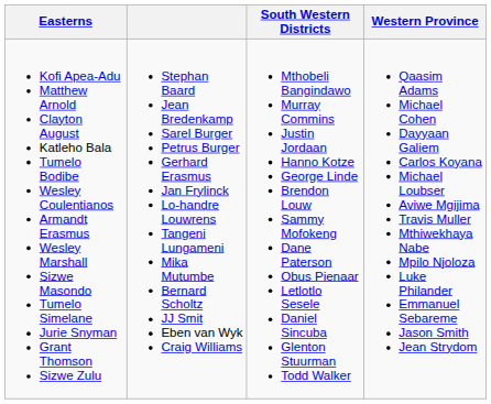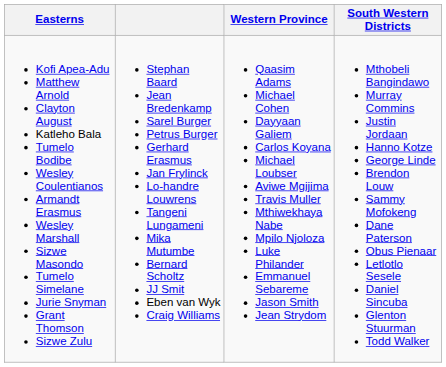 <table class="wikitable">
 <tr>
 <th width=330> <a href='#'>Easterns</a></th>
 <th width=330></th>
+<th width=330> <a href='#'>Western Province</a></th>
 <th width=330> <a href='#'>South Western Districts</a></th>
-<th width=330> <a href='#'>Western Province</a></th>
 </tr>
 <tr>
 <td valign=top><br><ul><li><a href='#'>Kofi Apea-Adu</a></li><li><a href='#'>Matthew Arnold</a></li><li><a href='#'>Clayton August</a></li><li>Katleho Bala</li><li><a href='#'>Tumelo Bodibe</a></li><li><a href='#'>Wesley Coulentianos</a></li><li><a href='#'>Armandt Erasmus</a></li><li><a href='#'>Wesley Marshall</a></li><li><a href='#'>Sizwe Masondo</a></li><li><a href='#'>Tumelo Simelane</a></li><li><a href='#'>Jurie Snyman</a></li><li><a href='#'>Grant Thomson</a></li><li><a href='#'>Sizwe Zulu</a></li></ul></td>
 <td valign=top><br><ul><li><a href='#'>Stephan Baard</a></li><li><a href='#'>Jean Bredenkamp</a></li><li><a href='#'>Sarel Burger</a></li><li><a href='#'>Petrus Burger</a></li><li><a href='#'>Gerhard Erasmus</a></li><li><a href='#'>Jan Frylinck</a></li><li><a href='#'>Lo-handre Louwrens</a></li><li><a href='#'>Tangeni Lungameni</a></li><li><a href='#'>Mika Mutumbe</a></li><li><a href='#'>Bernard Scholtz</a></li><li><a href='#'>JJ Smit</a></li><li>Eben van Wyk</li><li><a href='#'>Craig Williams</a></li></ul></td>
+<td valign=top><br><ul><li><a href='#'>Qaasim Adams</a></li><li><a href='#'>Michael Cohen</a></li><li><a href='#'>Dayyaan Galiem</a></li><li><a href='#'>Carlos Koyana</a></li><li><a href='#'>Michael Loubser</a></li><li><a href='#'>Aviwe Mgijima</a></li><li><a href='#'>Travis Muller</a></li><li><a href='#'>Mthiwekhaya Nabe</a></li><li><a href='#'>Mpilo Njoloza</a></li><li><a href='#'>Luke Philander</a></li><li><a href='#'>Emmanuel Sebareme</a></li><li><a href='#'>Jason Smith</a></li><li><a href='#'>Jean Strydom</a></li></ul></td>
 <td valign=top><br><ul><li><a href='#'>Mthobeli Bangindawo</a></li><li><a href='#'>Murray Commins</a></li><li><a href='#'>Justin Jordaan</a></li><li><a href='#'>Hanno Kotze</a></li><li><a href='#'>George Linde</a></li><li><a href='#'>Brendon Louw</a></li><li><a href='#'>Sammy Mofokeng</a></li><li><a href='#'>Dane Paterson</a></li><li><a href='#'>Obus Pienaar</a></li><li><a href='#'>Letlotlo Sesele</a></li><li><a href='#'>Daniel Sincuba</a></li><li><a href='#'>Glenton Stuurman</a></li><li><a href='#'>Todd Walker</a></li></ul></td>
-<td valign=top><br><ul><li><a href='#'>Qaasim Adams</a></li><li><a href='#'>Michael Cohen</a></li><li><a href='#'>Dayyaan Galiem</a></li><li><a href='#'>Carlos Koyana</a></li><li><a href='#'>Michael Loubser</a></li><li><a href='#'>Aviwe Mgijima</a></li><li><a href='#'>Travis Muller</a></li><li><a href='#'>Mthiwekhaya Nabe</a></li><li><a href='#'>Mpilo Njoloza</a></li><li><a href='#'>Luke Philander</a></li><li><a href='#'>Emmanuel Sebareme</a></li><li><a href='#'>Jason Smith</a></li><li><a href='#'>Jean Strydom</a></li></ul></td>
 </tr>
 </table>
